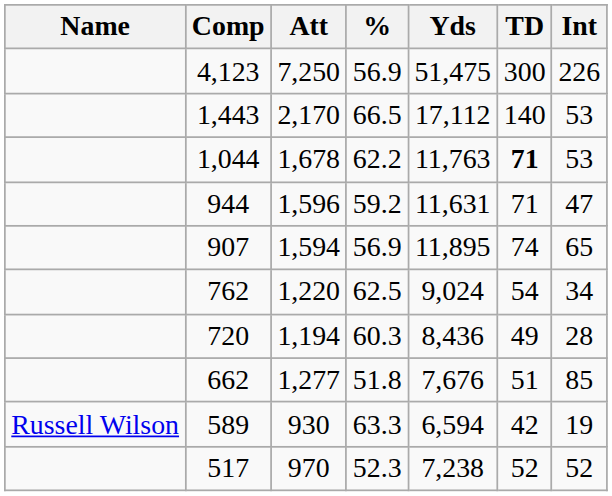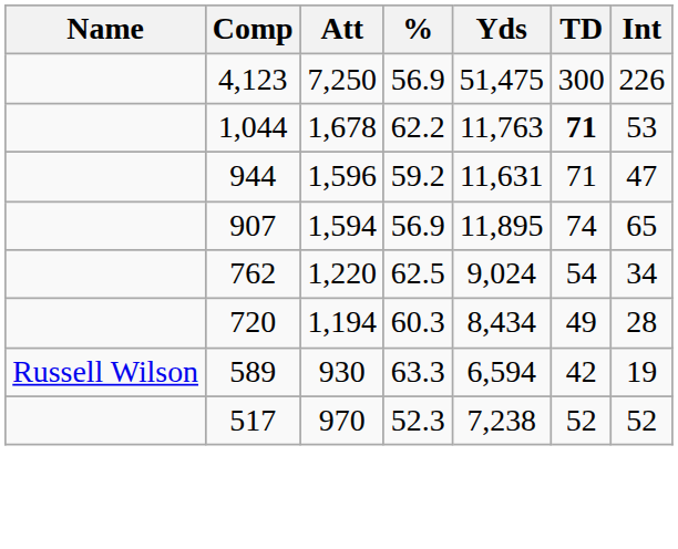 <table class="wikitable sortable" style="text-align:center">
 <tr>
 <th scope="col">Name</th>
 <th scope="col">Comp</th>
 <th scope="col">Att</th>
 <th scope="col">%</th>
 <th scope="col">Yds</th>
 <th scope="col">TD</th>
 <th scope="col">Int</th>
 </tr>
 <tr>
 <td></td>
 <td>4,123</td>
 <td>7,250</td>
 <td>56.9</td>
 <td>51,475</td>
 <td>300</td>
 <td>226</td>
-</tr>
-<tr>
-<td></td>
-<td>1,443</td>
-<td>2,170</td>
-<td>66.5</td>
-<td>17,112</td>
-<td>140</td>
-<td>53</td>
 </tr>
 <tr>
 <td></td>
 <td>1,044</td>
 <td>1,678</td>
 <td>62.2</td>
 <td>11,763</td>
 <td><strong>71</strong></td>
 <td>53</td>
 </tr>
 <tr>
 <td></td>
 <td>944</td>
 <td>1,596</td>
 <td>59.2</td>
 <td>11,631</td>
 <td>71</td>
 <td>47</td>
 </tr>
 <tr>
 <td></td>
 <td>907</td>
 <td>1,594</td>
 <td>56.9</td>
 <td>11,895</td>
 <td>74</td>
 <td>65</td>
 </tr>
 <tr>
 <td></td>
 <td>762</td>
 <td>1,220</td>
 <td>62.5</td>
 <td>9,024</td>
 <td>54</td>
 <td>34</td>
 </tr>
 <tr>
 <td></td>
 <td>720</td>
 <td>1,194</td>
 <td>60.3</td>
-<td>8,436</td>
+<td>8,434</td>
 <td>49</td>
 <td>28</td>
-</tr>
-<tr>
-<td></td>
-<td>662</td>
-<td>1,277</td>
-<td>51.8</td>
-<td>7,676</td>
-<td>51</td>
-<td>85</td>
 </tr>
 <tr>
 <td><a href='#'>Russell Wilson</a></td>
 <td>589</td>
 <td>930</td>
 <td>63.3</td>
 <td>6,594</td>
 <td>42</td>
 <td>19</td>
 </tr>
 <tr>
 <td></td>
 <td>517</td>
 <td>970</td>
 <td>52.3</td>
 <td>7,238</td>
 <td>52</td>
 <td>52</td>
 </tr>
 </table>
